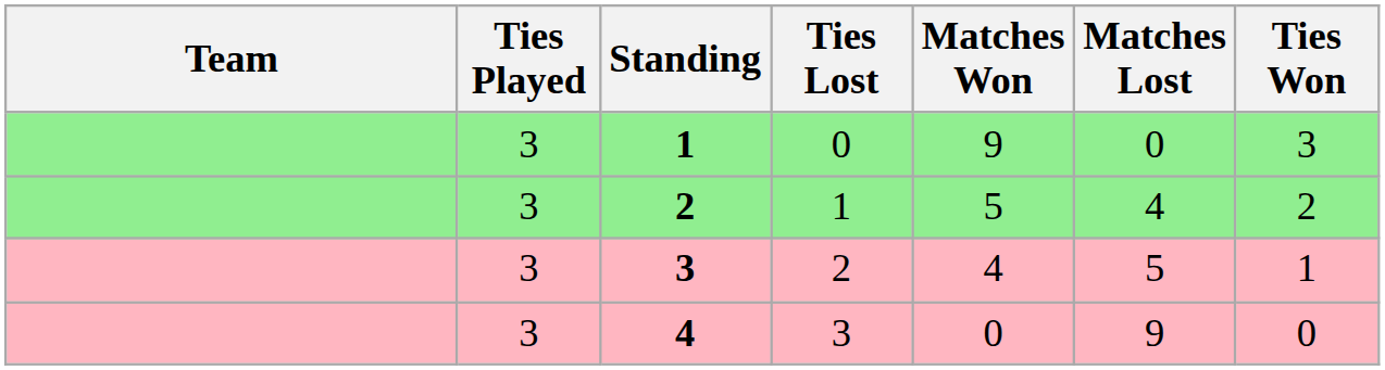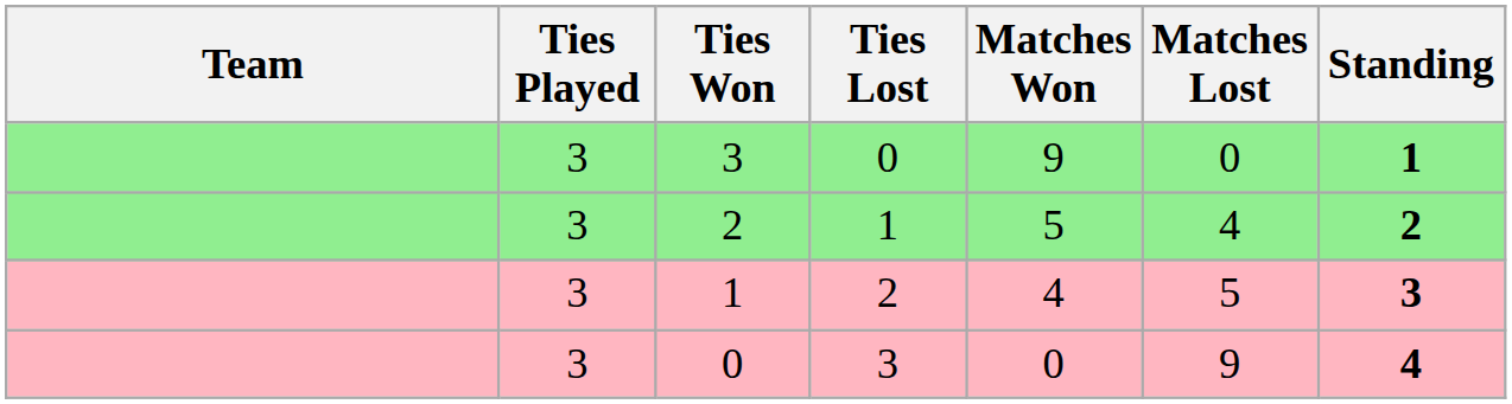 <table class=wikitable style="text-align:center">
 <tr>
 <th width=175>Team</th>
 <th width=50>Ties Played</th>
-<th width=50>Standing</th>
+<th width=50>Ties Won</th>
 <th width=50>Ties Lost</th>
 <th width=50>Matches Won</th>
 <th width=50>Matches Lost</th>
-<th width=50>Ties Won</th>
+<th width=50>Standing</th>
 </tr>
 <tr bgcolor=lightgreen>
 <td style="text-align:left"></td>
 <td>3</td>
-<td><strong>1</strong></td>
+<td>3</td>
 <td>0</td>
 <td>9</td>
 <td>0</td>
-<td>3</td>
+<td><strong>1</strong></td>
 </tr>
 <tr bgcolor=lightgreen>
 <td style="text-align:left"></td>
 <td>3</td>
-<td><strong>2</strong></td>
+<td>2</td>
 <td>1</td>
 <td>5</td>
 <td>4</td>
-<td>2</td>
+<td><strong>2</strong></td>
 </tr>
 <tr bgcolor=lightpink>
 <td style="text-align:left"></td>
 <td>3</td>
-<td><strong>3</strong></td>
+<td>1</td>
 <td>2</td>
 <td>4</td>
 <td>5</td>
-<td>1</td>
+<td><strong>3</strong></td>
 </tr>
 <tr bgcolor=lightpink>
 <td style="text-align:left"></td>
 <td>3</td>
-<td><strong>4</strong></td>
+<td>0</td>
 <td>3</td>
 <td>0</td>
 <td>9</td>
-<td>0</td>
+<td><strong>4</strong></td>
 </tr>
 </table>
